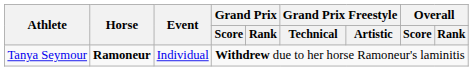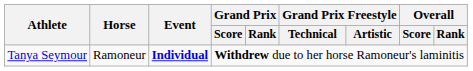 <table class=wikitable style=font-size:90%;>
 <tr>
 <th rowspan="2">Athlete</th>
 <th rowspan="2">Horse</th>
 <th rowspan="2">Event</th>
 <th colspan="2">Grand Prix</th>
 <th colspan="2">Grand Prix Freestyle</th>
 <th colspan="2">Overall</th>
 </tr>
 <tr style="font-size:95%">
 <th>Score</th>
 <th>Rank</th>
 <th>Technical</th>
 <th>Artistic</th>
 <th>Score</th>
 <th>Rank</th>
 </tr>
 <tr align=center>
 <td align=left><a href='#'>Tanya Seymour</a></td>
-<td align=left><strong>Ramoneur</strong></td>
-<td align=left><a href='#'>Individual</a></td>
+<td align=left>Ramoneur</td>
+<td align=left><strong><a href='#'>Individual</a></strong></td>
 <td colspan=6><strong>Withdrew</strong> due to her horse Ramoneur's laminitis</td>
 </tr>
 </table>
